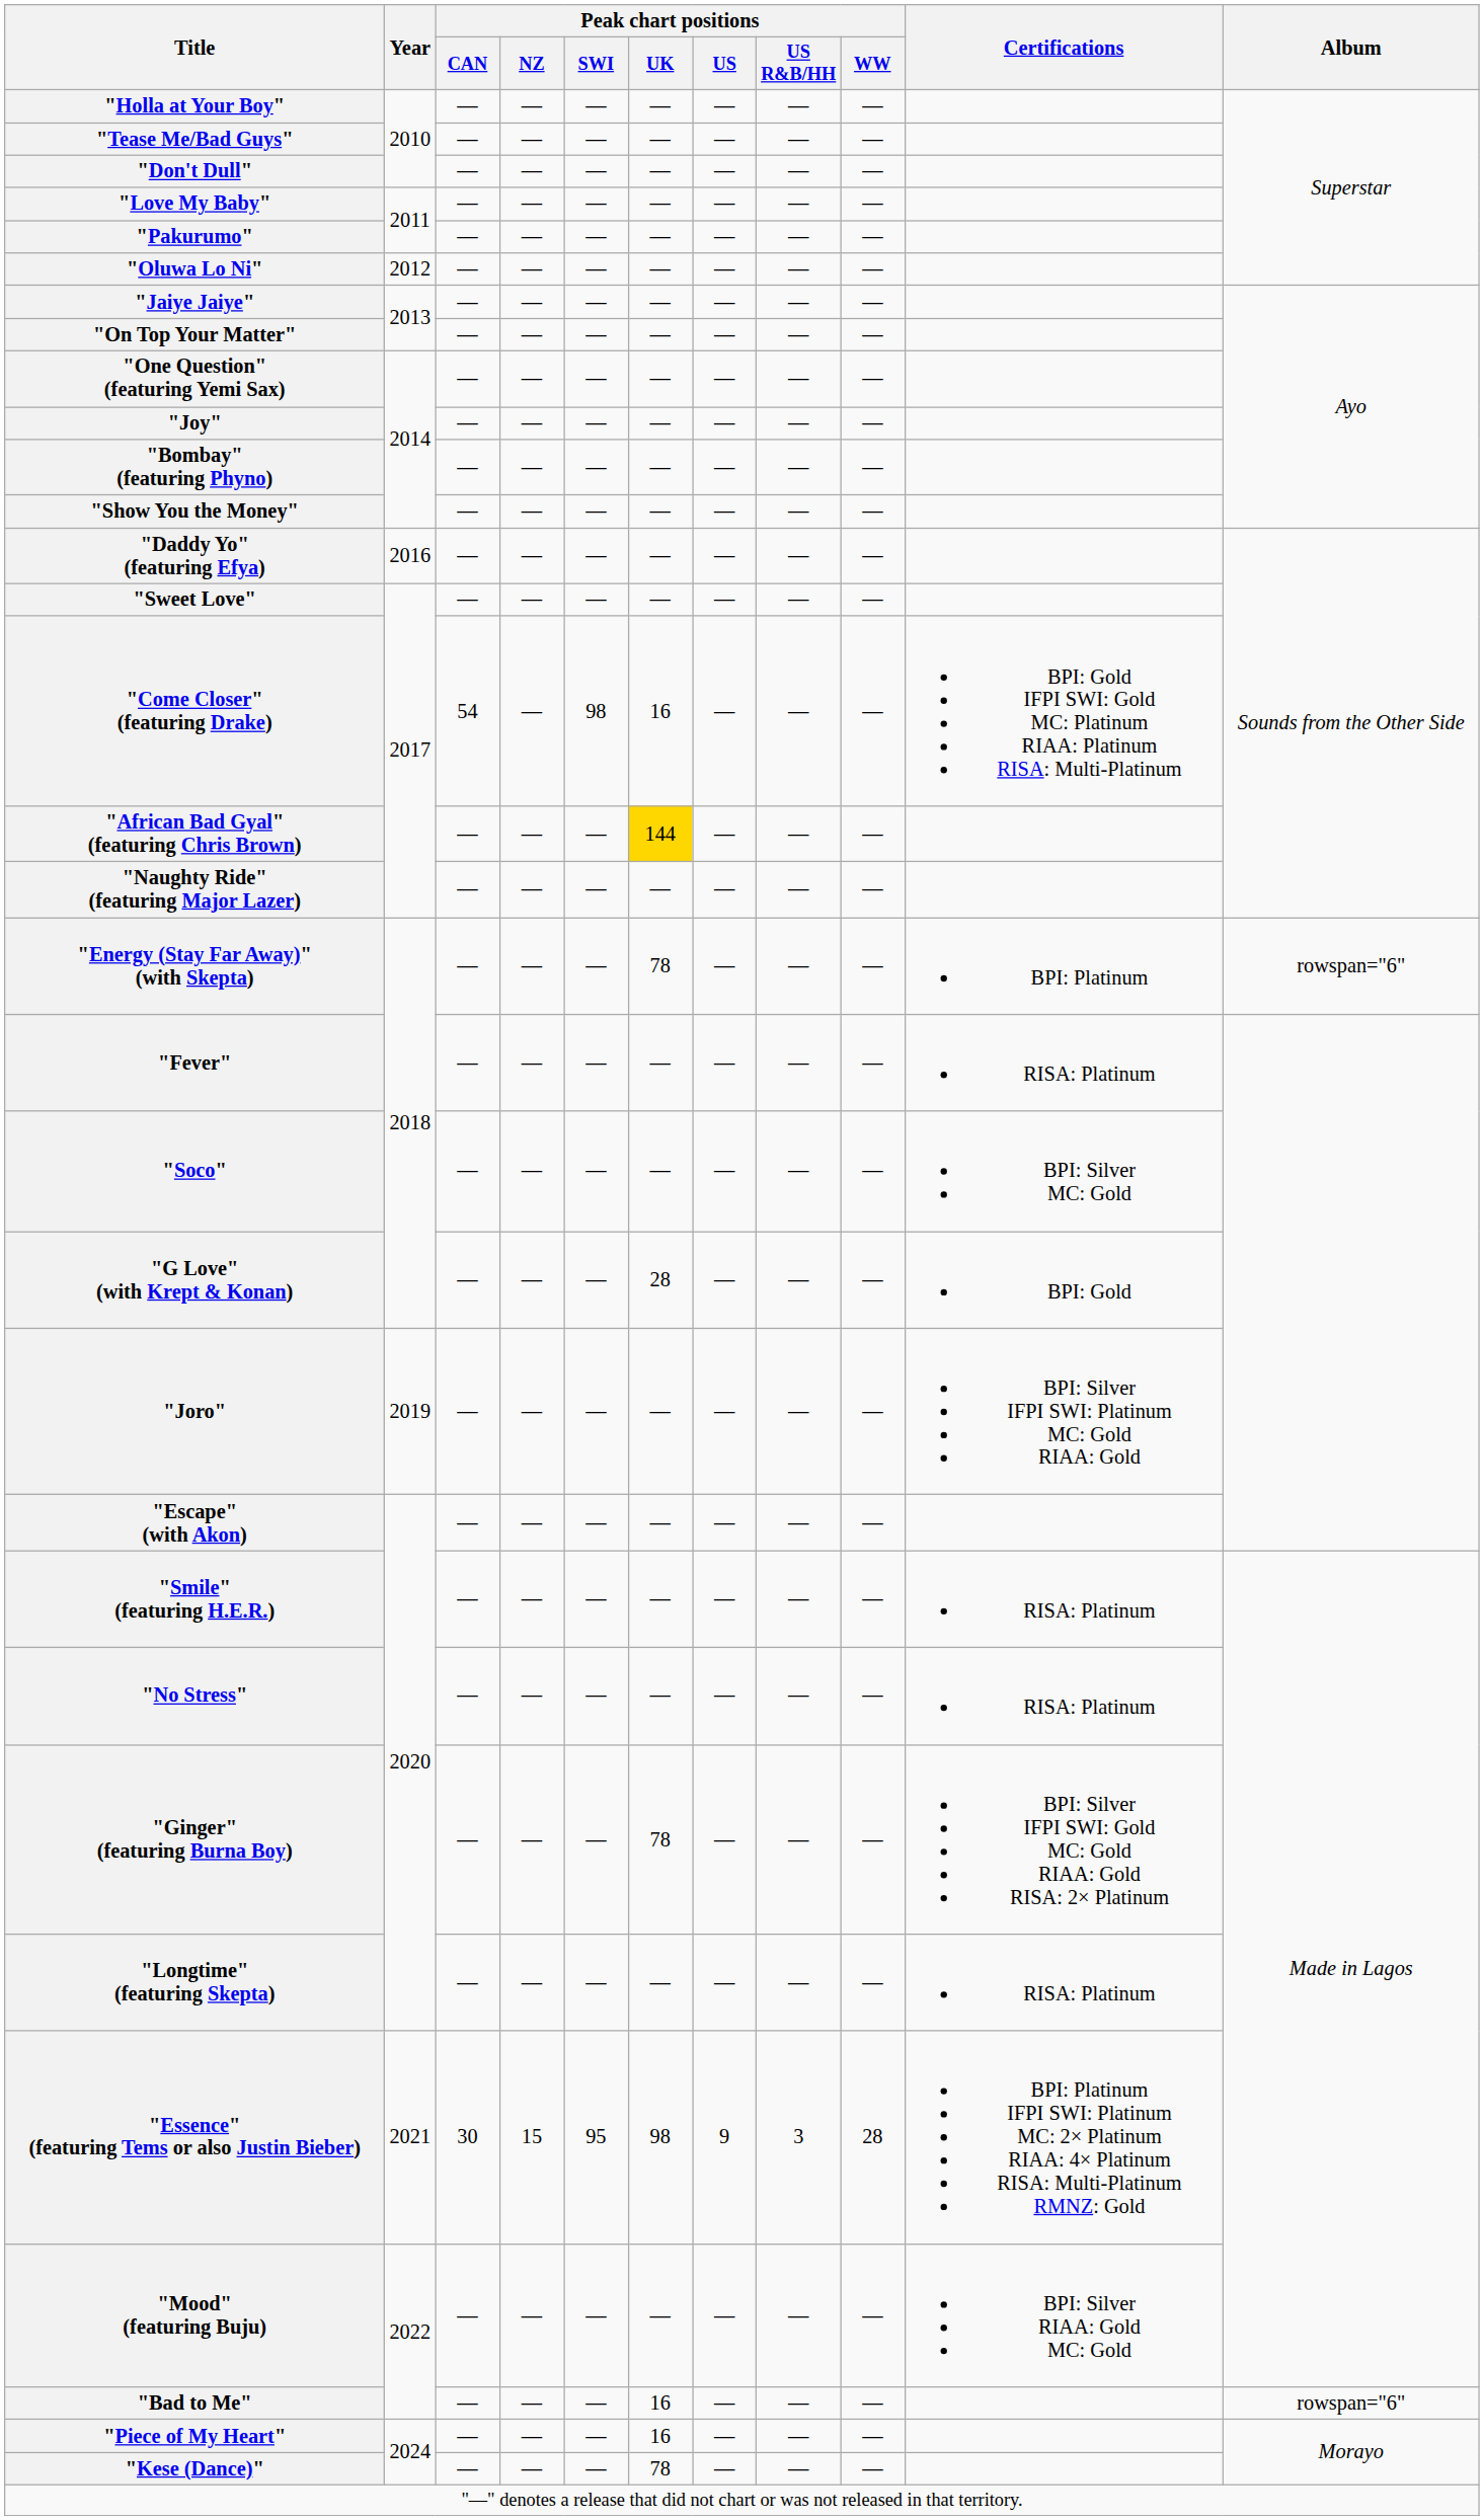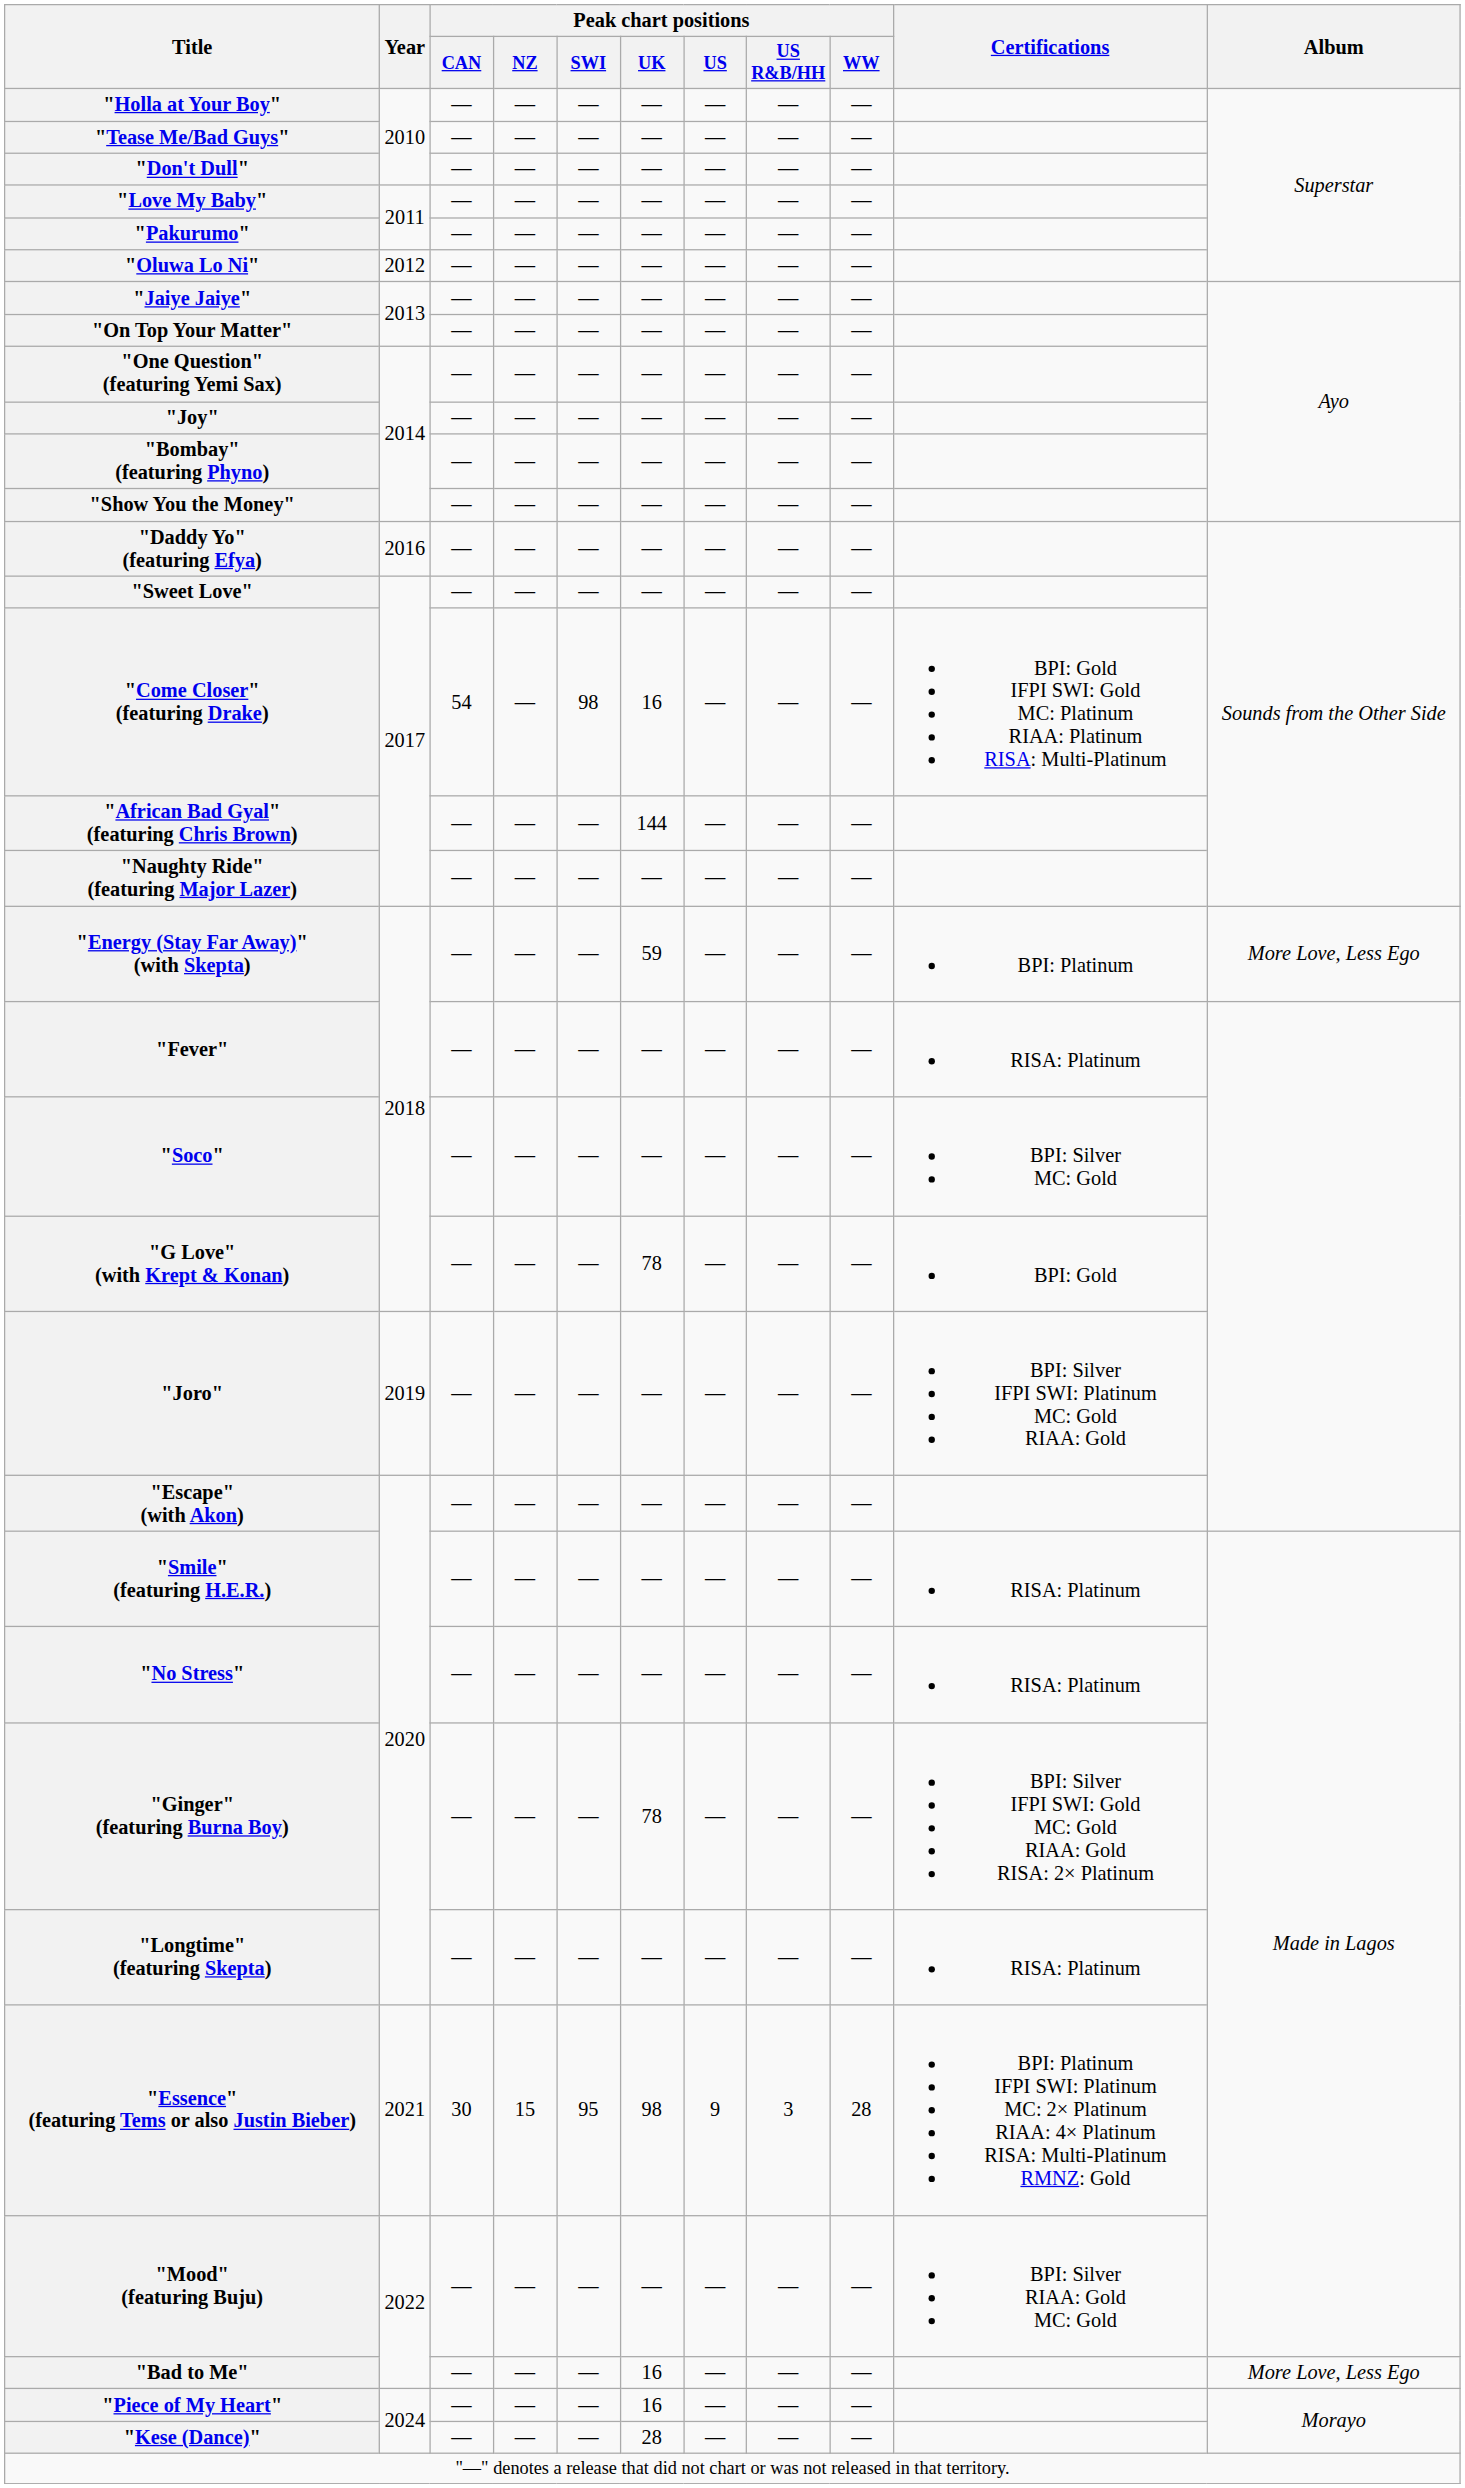 <table class="wikitable plainrowheaders" style="text-align:center;">
 <tr>
 <th scope="col" rowspan="2" style="width:18em;">Title</th>
 <th scope="col" rowspan="2" style="width:1em;">Year</th>
 <th scope="col" colspan="7">Peak chart positions</th>
 <th scope="col" rowspan="2" style="width:15em;"><a href='#'>Certifications</a></th>
 <th scope="col" rowspan="2" style="width:12em;">Album</th>
 </tr>
 <tr>
 <th scope="col" style="width:3em;font-size:90%;"><a href='#'>CAN</a><br></th>
 <th scope="col" style="width:3em;font-size:90%;"><a href='#'>NZ</a><br></th>
 <th scope="col" style="width:3em;font-size:90%;"><a href='#'>SWI</a><br></th>
 <th scope="col" style="width:3em;font-size:90%;"><a href='#'>UK</a><br></th>
 <th scope="col" style="width:3em;font-size:90%;"><a href='#'>US</a><br></th>
 <th scope="col" style="width:3em;font-size:90%;"><a href='#'>US<br>R&B/HH</a><br></th>
 <th scope="col" style="width:3em;font-size:90%;"><a href='#'>WW</a><br></th>
 </tr>
 <tr>
 <th scope="row">"<a href='#'>Holla at Your Boy</a>"</th>
 <td rowspan="3">2010</td>
 <td>—</td>
 <td>—</td>
 <td>—</td>
 <td>—</td>
 <td>—</td>
 <td>—</td>
 <td>—</td>
 <td></td>
 <td rowspan="6"><em>Superstar</em></td>
 </tr>
 <tr>
 <th scope="row">"<a href='#'>Tease Me/Bad Guys</a>"</th>
 <td>—</td>
 <td>—</td>
 <td>—</td>
 <td>—</td>
 <td>—</td>
 <td>—</td>
 <td>—</td>
 <td></td>
 </tr>
 <tr>
 <th scope="row">"<a href='#'>Don't Dull</a>"</th>
 <td>—</td>
 <td>—</td>
 <td>—</td>
 <td>—</td>
 <td>—</td>
 <td>—</td>
 <td>—</td>
 <td></td>
 </tr>
 <tr>
 <th scope="row">"<a href='#'>Love My Baby</a>"</th>
 <td rowspan="2">2011</td>
 <td>—</td>
 <td>—</td>
 <td>—</td>
 <td>—</td>
 <td>—</td>
 <td>—</td>
 <td>—</td>
 <td></td>
 </tr>
 <tr>
 <th scope="row">"<a href='#'>Pakurumo</a>"</th>
 <td>—</td>
 <td>—</td>
 <td>—</td>
 <td>—</td>
 <td>—</td>
 <td>—</td>
 <td>—</td>
 <td></td>
 </tr>
 <tr>
 <th scope="row">"<a href='#'>Oluwa Lo Ni</a>"</th>
 <td>2012</td>
 <td>—</td>
 <td>—</td>
 <td>—</td>
 <td>—</td>
 <td>—</td>
 <td>—</td>
 <td>—</td>
 <td></td>
 </tr>
 <tr>
 <th scope="row">"<a href='#'>Jaiye Jaiye</a>"</th>
 <td rowspan="2">2013</td>
 <td>—</td>
 <td>—</td>
 <td>—</td>
 <td>—</td>
 <td>—</td>
 <td>—</td>
 <td>—</td>
 <td></td>
 <td rowspan="6"><em>Ayo</em></td>
 </tr>
 <tr>
 <th scope="row">"On Top Your Matter"</th>
 <td>—</td>
 <td>—</td>
 <td>—</td>
 <td>—</td>
 <td>—</td>
 <td>—</td>
 <td>—</td>
 <td></td>
 </tr>
 <tr>
 <th scope="row">"One Question"<br><span>(featuring Yemi Sax)</span></th>
 <td rowspan="4">2014</td>
 <td>—</td>
 <td>—</td>
 <td>—</td>
 <td>—</td>
 <td>—</td>
 <td>—</td>
 <td>—</td>
 <td></td>
 </tr>
 <tr>
 <th scope="row">"Joy"</th>
 <td>—</td>
 <td>—</td>
 <td>—</td>
 <td>—</td>
 <td>—</td>
 <td>—</td>
 <td>—</td>
 <td></td>
 </tr>
 <tr>
 <th scope="row">"Bombay" <br><span>(featuring <a href='#'>Phyno</a>)</span></th>
 <td>—</td>
 <td>—</td>
 <td>—</td>
 <td>—</td>
 <td>—</td>
 <td>—</td>
 <td>—</td>
 <td></td>
 </tr>
 <tr>
 <th scope="row">"Show You the Money"</th>
 <td>—</td>
 <td>—</td>
 <td>—</td>
 <td>—</td>
 <td>—</td>
 <td>—</td>
 <td>—</td>
 <td></td>
 </tr>
 <tr>
 <th scope="row">"Daddy Yo" <br><span>(featuring <a href='#'>Efya</a>)</span></th>
 <td>2016</td>
 <td>—</td>
 <td>—</td>
 <td>—</td>
 <td>—</td>
 <td>—</td>
 <td>—</td>
 <td>—</td>
 <td></td>
 <td rowspan="5"><em>Sounds from the Other Side</em></td>
 </tr>
 <tr>
 <th scope="row">"Sweet Love"</th>
 <td rowspan="4">2017</td>
 <td>—</td>
 <td>—</td>
 <td>—</td>
 <td>—</td>
 <td>—</td>
 <td>—</td>
 <td>—</td>
 <td></td>
 </tr>
 <tr>
 <th scope="row">"<a href='#'>Come Closer</a>"<br><span>(featuring <a href='#'>Drake</a>)</span></th>
 <td>54</td>
 <td>—</td>
 <td>98</td>
 <td>16</td>
 <td>—</td>
 <td>—</td>
 <td>—</td>
 <td><br><ul><li>BPI: Gold</li><li>IFPI SWI: Gold</li><li>MC: Platinum</li><li>RIAA: Platinum</li><li><a href='#'>RISA</a>: Multi-Platinum</li></ul></td>
 </tr>
 <tr>
 <th scope="row">"<a href='#'>African Bad Gyal</a>"<br><span>(featuring <a href='#'>Chris Brown</a>)</span></th>
 <td>—</td>
 <td>—</td>
 <td>—</td>
-<td style="background: gold;">144</td>
+<td>144</td>
 <td>—</td>
 <td>—</td>
 <td>—</td>
 <td></td>
 </tr>
 <tr>
 <th scope="row">"Naughty Ride"<br><span>(featuring <a href='#'>Major Lazer</a>)</span></th>
 <td>—</td>
 <td>—</td>
 <td>—</td>
 <td>—</td>
 <td>—</td>
 <td>—</td>
 <td>—</td>
 </tr>
 <tr>
 <th scope="row">"<a href='#'>Energy (Stay Far Away)</a>"<br><span>(with <a href='#'>Skepta</a>)</span></th>
 <td rowspan="4">2018</td>
 <td>—</td>
 <td>—</td>
 <td>—</td>
-<td>78</td>
+<td>59</td>
 <td>—</td>
 <td>—</td>
 <td>—</td>
 <td><br><ul><li>BPI: Platinum</li></ul></td>
-<td>rowspan="6" </td>
+<td><em>More Love, Less Ego</em></td>
 </tr>
 <tr>
 <th scope="row">"Fever"</th>
 <td>—</td>
 <td>—</td>
 <td>—</td>
 <td>—</td>
 <td>—</td>
 <td>—</td>
 <td>—</td>
 <td><br><ul><li>RISA: Platinum</li></ul></td>
 </tr>
 <tr>
 <th scope="row">"<a href='#'>Soco</a>"</th>
 <td>—</td>
 <td>—</td>
 <td>—</td>
 <td>—</td>
 <td>—</td>
 <td>—</td>
 <td>—</td>
 <td><br><ul><li>BPI: Silver</li><li>MC: Gold</li></ul></td>
 </tr>
 <tr>
 <th scope="row">"G Love"<br><span>(with <a href='#'>Krept & Konan</a>)</span></th>
 <td>—</td>
 <td>—</td>
 <td>—</td>
-<td>28</td>
+<td>78</td>
 <td>—</td>
 <td>—</td>
 <td>—</td>
 <td><br><ul><li>BPI: Gold</li></ul></td>
 </tr>
 <tr>
 <th scope="row">"Joro"<span></span></th>
 <td>2019</td>
 <td>—</td>
 <td>—</td>
 <td>—</td>
 <td>—</td>
 <td>—</td>
 <td>—</td>
 <td>—</td>
 <td><br><ul><li>BPI: Silver</li><li>IFPI SWI: Platinum</li><li>MC: Gold</li><li>RIAA: Gold</li></ul></td>
 </tr>
 <tr>
 <th scope="row">"Escape"<br><span>(with <a href='#'>Akon</a>)</span></th>
 <td rowspan="5">2020</td>
 <td>—</td>
 <td>—</td>
 <td>—</td>
 <td>—</td>
 <td>—</td>
 <td>—</td>
 <td>—</td>
 <td></td>
 </tr>
 <tr>
 <th scope="row">"<a href='#'>Smile</a>"<br><span>(featuring <a href='#'>H.E.R.</a>)</span></th>
 <td>—</td>
 <td>—</td>
 <td>—</td>
 <td>—</td>
 <td>—</td>
 <td>—</td>
 <td>—</td>
 <td><br><ul><li>RISA: Platinum</li></ul></td>
 <td rowspan="6"><em>Made in Lagos</em></td>
 </tr>
 <tr>
 <th scope="row">"<a href='#'>No Stress</a>"</th>
 <td>—</td>
 <td>—</td>
 <td>—</td>
 <td>—</td>
 <td>—</td>
 <td>—</td>
 <td>—</td>
 <td><br><ul><li>RISA: Platinum</li></ul></td>
 </tr>
 <tr>
 <th scope="row">"Ginger"<br><span>(featuring <a href='#'>Burna Boy</a>)</span></th>
 <td>—</td>
 <td>—</td>
 <td>—</td>
 <td>78</td>
 <td>—</td>
 <td>—</td>
 <td>—</td>
 <td><br><ul><li>BPI: Silver</li><li>IFPI SWI: Gold</li><li>MC: Gold</li><li>RIAA: Gold</li><li>RISA: 2× Platinum</li></ul></td>
 </tr>
 <tr>
 <th scope="row">"Longtime"<br><span>(featuring <a href='#'>Skepta</a>)</span></th>
 <td>—</td>
 <td>—</td>
 <td>—</td>
 <td>—</td>
 <td>—</td>
 <td>—</td>
 <td>—</td>
 <td><br><ul><li>RISA: Platinum</li></ul></td>
 </tr>
 <tr>
 <th scope="row">"<a href='#'>Essence</a>"<br><span>(featuring <a href='#'>Tems</a> or also <a href='#'>Justin Bieber</a>)</span></th>
 <td>2021</td>
 <td>30</td>
 <td>15</td>
 <td>95</td>
 <td>98</td>
 <td>9</td>
 <td>3</td>
 <td>28</td>
 <td><br><ul><li>BPI: Platinum</li><li>IFPI SWI: Platinum</li><li>MC: 2× Platinum</li><li>RIAA: 4× Platinum</li><li>RISA: Multi-Platinum</li><li><a href='#'>RMNZ</a>: Gold</li></ul></td>
 </tr>
 <tr>
 <th scope="row">"Mood"<br><span>(featuring Buju)</span></th>
 <td rowspan="2">2022</td>
 <td>—</td>
 <td>—</td>
 <td>—</td>
 <td>—</td>
 <td>—</td>
 <td>—</td>
 <td>—</td>
 <td><br><ul><li>BPI: Silver</li><li>RIAA: Gold</li><li>MC: Gold</li></ul></td>
 </tr>
 <tr>
 <th scope="row">"Bad to Me"</th>
 <td>—</td>
 <td>—</td>
 <td>—</td>
 <td>16</td>
 <td>—</td>
 <td>—</td>
 <td>—</td>
 <td></td>
-<td>rowspan="6" </td>
+<td><em>More Love, Less Ego</em></td>
 </tr>
 <tr>
 <th scope="row">"<a href='#'>Piece of My Heart</a>"<br></th>
 <td rowspan="2">2024</td>
 <td>—</td>
 <td>—</td>
 <td>—</td>
 <td>16</td>
 <td>—</td>
 <td>—</td>
 <td>—</td>
 <td></td>
 <td rowspan="2"><em>Morayo</em></td>
 </tr>
 <tr>
 <th scope="row">"<a href='#'>Kese (Dance)</a>"</th>
 <td>—</td>
 <td>—</td>
 <td>—</td>
-<td>78</td>
+<td>28</td>
 <td>—</td>
 <td>—</td>
 <td>—</td>
 <td></td>
 </tr>
 <tr>
 <td colspan="11" style="font-size:90%">"—" denotes a release that did not chart or was not released in that territory.</td>
 </tr>
 </table>
